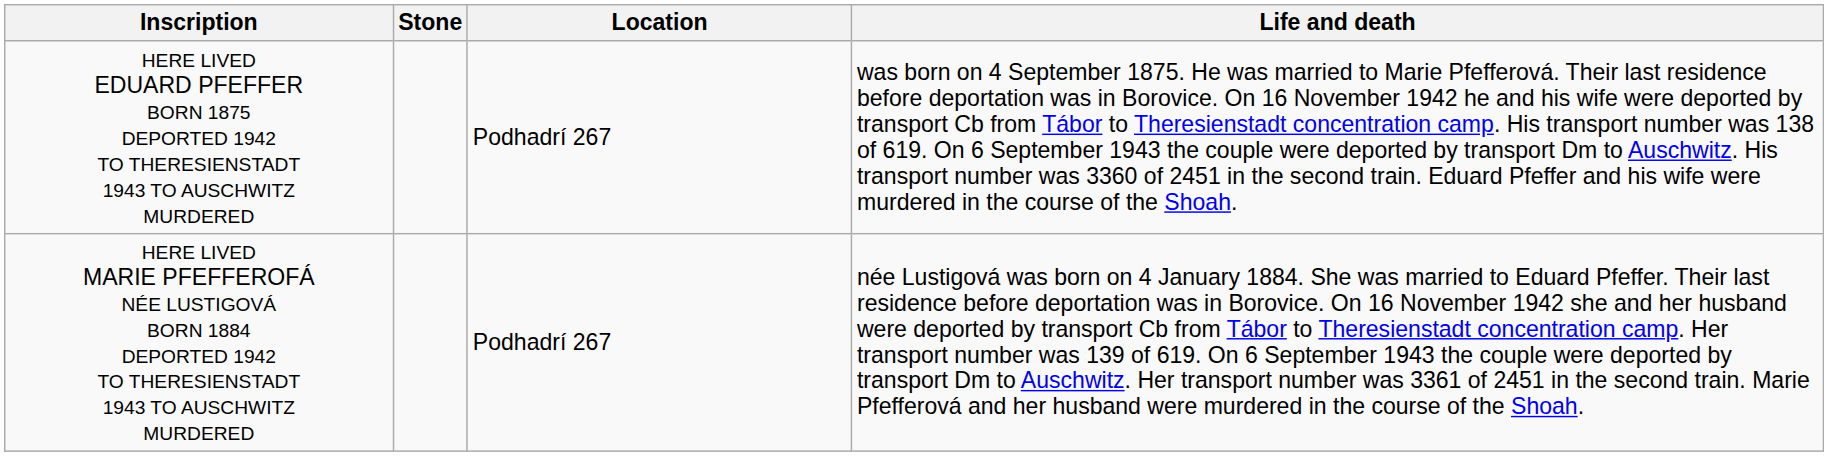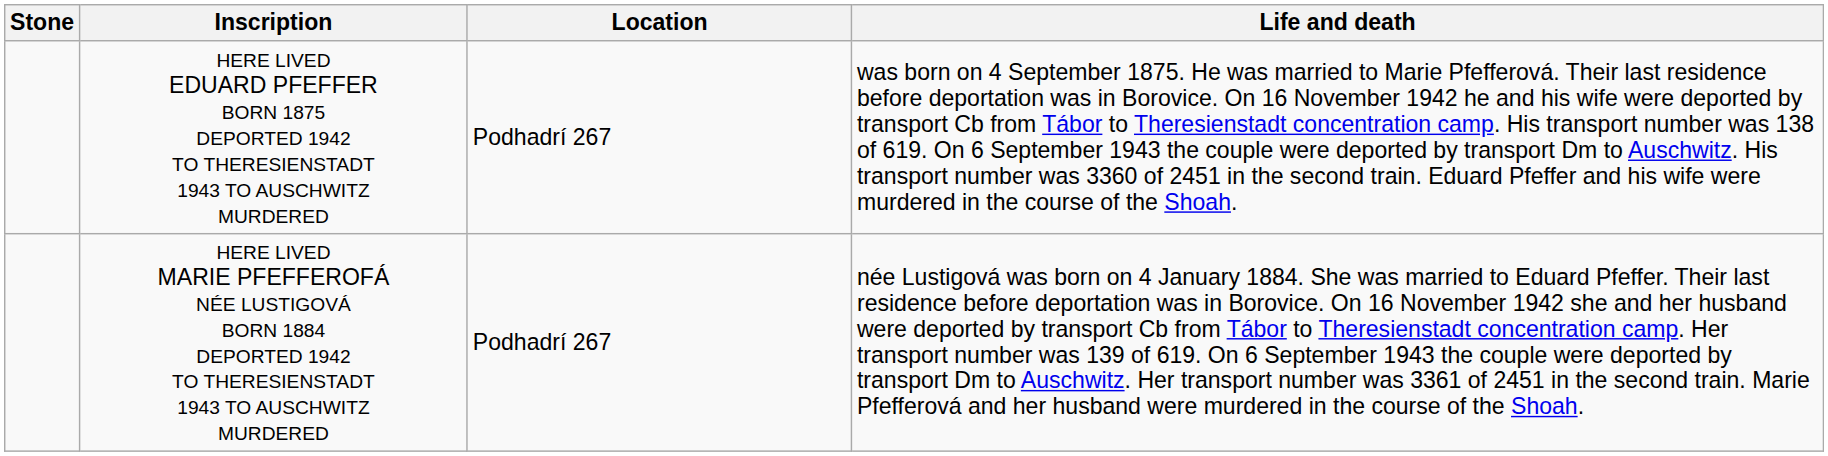 <table class="wikitable sortable toptextcells" style="width:100%">
 <tr>
+<th class="hintergrundfarbe6 unsortable" width="120px">Stone</th>
 <th class="hintergrundfarbe6 unsortable" style ="width:22%;">Inscription</th>
-<th class="hintergrundfarbe6 unsortable" width="120px">Stone</th>
 <th class="hintergrundfarbe6" data-sort-type="text" style ="width:22%;">Location</th>
 <th class="hintergrundfarbe6" style="width:100%;">Life and death</th>
 </tr>
 <tr>
+<td></td>
 <td style="text-align:center"><div><small>HERE LIVED</small><br>EDUARD PFEFFER<br><small>BORN 1875<br>DEPORTED 1942<br>TO THERESIENSTADT<br>1943 TO AUSCHWITZ<br>MURDERED</small></div></td>
-<td></td>
 <td>Podhadrí 267<br></td>
 <td><strong></strong> was born on 4 September 1875. He was married to Marie Pfefferová. Their last residence before deportation was in Borovice. On 16 November 1942 he and his wife were deported by transport Cb from <a href='#'>Tábor</a> to <a href='#'>Theresienstadt concentration camp</a>. His transport number was 138 of 619. On 6 September 1943 the couple were deported by transport Dm to <a href='#'>Auschwitz</a>. His transport number was 3360 of 2451 in the second train. Eduard Pfeffer and his wife were murdered in the course of the <a href='#'>Shoah</a>.</td>
 </tr>
 <tr>
+<td></td>
 <td style="text-align:center"><div><small>HERE LIVED</small><br>MARIE PFEFFEROFÁ<br><small>NÉE LUSTIGOVÁ<br>BORN 1884<br>DEPORTED 1942<br>TO THERESIENSTADT<br>1943 TO AUSCHWITZ<br>MURDERED</small></div></td>
-<td></td>
 <td>Podhadrí 267<br></td>
 <td><strong></strong> née Lustigová was born on 4 January 1884. She was married to Eduard Pfeffer. Their last residence before deportation was in Borovice. On 16 November 1942 she and her husband were deported by transport Cb from <a href='#'>Tábor</a> to <a href='#'>Theresienstadt concentration camp</a>. Her transport number was 139 of 619. On 6 September 1943 the couple were deported by transport Dm to <a href='#'>Auschwitz</a>. Her transport number was 3361 of 2451 in the second train. Marie Pfefferová and her husband were murdered in the course of the <a href='#'>Shoah</a>.</td>
 </tr>
 </table>
